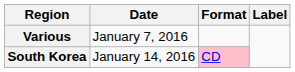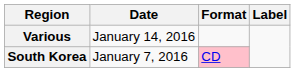 <table class="wikitable plainrowheaders">
 <tr>
 <th>Region</th>
 <th>Date</th>
 <th>Format</th>
 <th>Label</th>
 </tr>
 <tr>
 <th scope="row">Various</th>
-<td>January 7, 2016</td>
+<td>January 14, 2016</td>
 <td></td>
 <td rowspan=2></td>
 </tr>
 <tr>
 <th scope="row">South Korea</th>
-<td>January 14, 2016</td>
+<td>January 7, 2016</td>
 <td style="background: pink;"><a href='#'>CD</a></td>
 </tr>
 </table>
